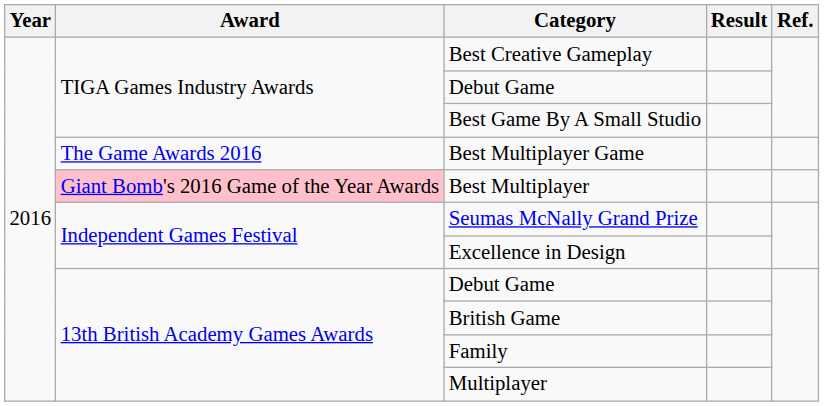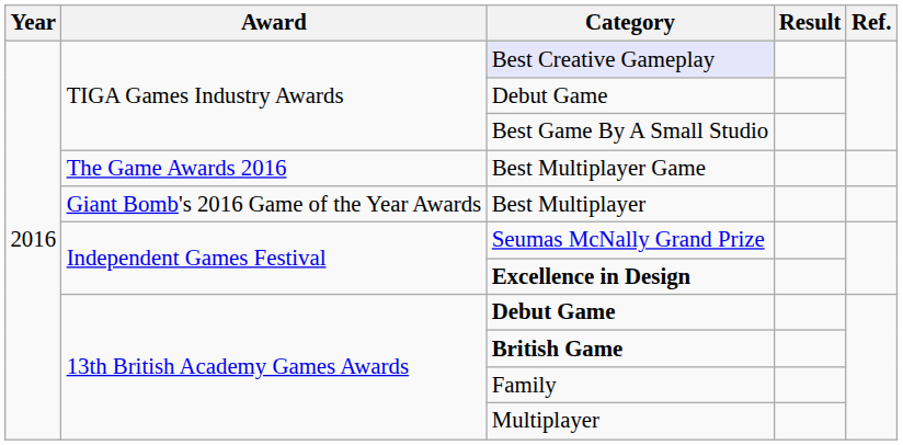 <table class="wikitable sortable">
 <tr>
 <th>Year</th>
 <th>Award</th>
 <th>Category</th>
 <th>Result</th>
 <th>Ref.</th>
 </tr>
 <tr>
 <td rowspan="11" style="text-align:center;">2016</td>
 <td rowspan="3">TIGA Games Industry Awards</td>
-<td>Best Creative Gameplay</td>
+<td style="background: lavender;">Best Creative Gameplay</td>
 <td></td>
 <td rowspan="3"></td>
 </tr>
 <tr>
 <td>Debut Game</td>
 <td></td>
 </tr>
 <tr>
 <td>Best Game By A Small Studio</td>
 <td></td>
 </tr>
 <tr>
 <td><a href='#'>The Game Awards 2016</a></td>
 <td>Best Multiplayer Game</td>
 <td></td>
 <td></td>
 </tr>
 <tr>
-<td style="background: pink;"><a href='#'>Giant Bomb</a>'s 2016 Game of the Year Awards</td>
+<td><a href='#'>Giant Bomb</a>'s 2016 Game of the Year Awards</td>
 <td>Best Multiplayer</td>
 <td></td>
 <td></td>
 </tr>
 <tr>
 <td rowspan="2"><a href='#'>Independent Games Festival</a></td>
 <td><a href='#'>Seumas McNally Grand Prize</a></td>
 <td></td>
 <td rowspan="2"></td>
 </tr>
 <tr>
-<td>Excellence in Design</td>
+<td><strong>Excellence in Design</strong></td>
 <td></td>
 </tr>
 <tr>
 <td rowspan="4"><a href='#'>13th British Academy Games Awards</a></td>
-<td>Debut Game</td>
+<td><strong>Debut Game</strong></td>
 <td></td>
 <td rowspan="4"></td>
 </tr>
 <tr>
-<td>British Game</td>
+<td><strong>British Game</strong></td>
 <td></td>
 </tr>
 <tr>
 <td>Family</td>
 <td></td>
 </tr>
 <tr>
 <td>Multiplayer</td>
 <td></td>
 </tr>
 </table>
